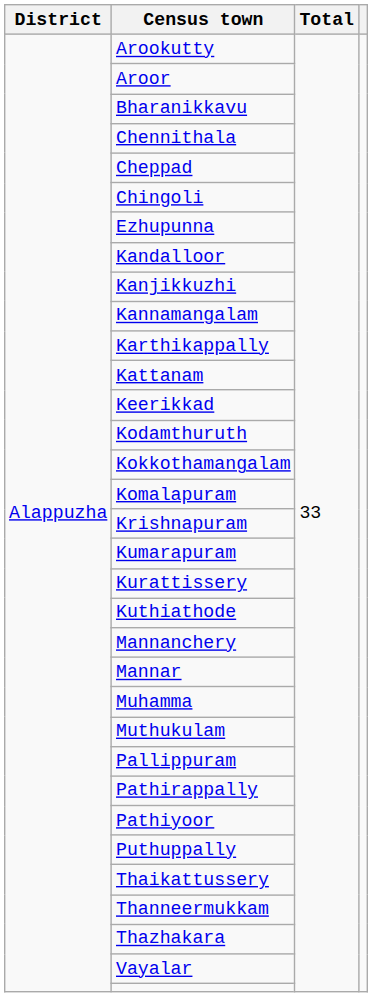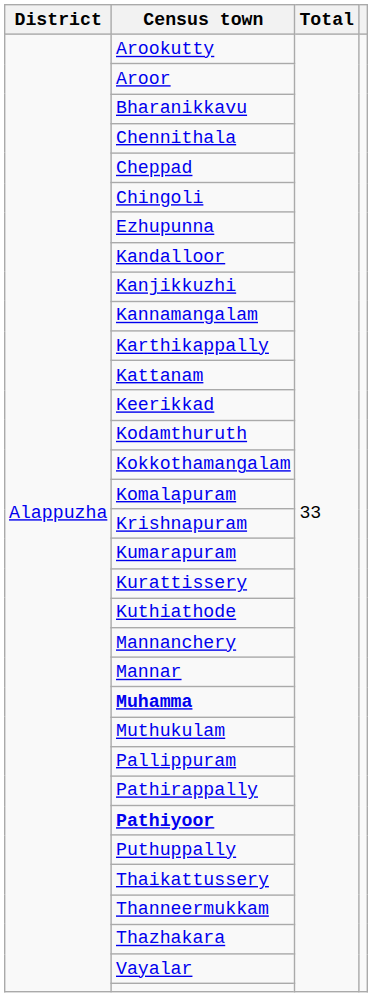 <table class="wikitable sortable">
 <tr>
 <th>District</th>
 <th>Census town</th>
 <th>Total</th>
 <th></th>
 </tr>
 <tr>
 <td rowspan="33"><a href='#'>Alappuzha</a></td>
 <td><a href='#'>Arookutty</a></td>
 <td rowspan="33">33</td>
 <td rowspan="33"></td>
 </tr>
 <tr>
 <td><a href='#'>Aroor</a></td>
 </tr>
 <tr>
 <td><a href='#'>Bharanikkavu</a></td>
 </tr>
 <tr>
 <td><a href='#'>Chennithala</a></td>
 </tr>
 <tr>
 <td><a href='#'>Cheppad</a></td>
 </tr>
 <tr>
 <td><a href='#'>Chingoli</a></td>
 </tr>
 <tr>
 <td><a href='#'>Ezhupunna</a></td>
 </tr>
 <tr>
 <td><a href='#'>Kandalloor</a></td>
 </tr>
 <tr>
 <td><a href='#'>Kanjikkuzhi</a></td>
 </tr>
 <tr>
 <td><a href='#'>Kannamangalam</a></td>
 </tr>
 <tr>
 <td><a href='#'>Karthikappally</a></td>
 </tr>
 <tr>
 <td><a href='#'>Kattanam</a></td>
 </tr>
 <tr>
 <td><a href='#'>Keerikkad</a></td>
 </tr>
 <tr>
 <td><a href='#'>Kodamthuruth</a></td>
 </tr>
 <tr>
 <td><a href='#'>Kokkothamangalam</a></td>
 </tr>
 <tr>
 <td><a href='#'>Komalapuram</a></td>
 </tr>
 <tr>
 <td><a href='#'>Krishnapuram</a></td>
 </tr>
 <tr>
 <td><a href='#'>Kumarapuram</a></td>
 </tr>
 <tr>
 <td><a href='#'>Kurattissery</a></td>
 </tr>
 <tr>
 <td><a href='#'>Kuthiathode</a></td>
 </tr>
 <tr>
 <td><a href='#'>Mannanchery</a></td>
 </tr>
 <tr>
 <td><a href='#'>Mannar</a></td>
 </tr>
 <tr>
-<td><a href='#'>Muhamma</a></td>
+<td><strong><a href='#'>Muhamma</a></strong></td>
 </tr>
 <tr>
 <td><a href='#'>Muthukulam</a></td>
 </tr>
 <tr>
 <td><a href='#'>Pallippuram</a></td>
 </tr>
 <tr>
 <td><a href='#'>Pathirappally</a></td>
 </tr>
 <tr>
-<td><a href='#'>Pathiyoor</a></td>
+<td><strong><a href='#'>Pathiyoor</a></strong></td>
 </tr>
 <tr>
 <td><a href='#'>Puthuppally</a></td>
 </tr>
 <tr>
 <td><a href='#'>Thaikattussery</a></td>
 </tr>
 <tr>
 <td><a href='#'>Thanneermukkam</a></td>
 </tr>
 <tr>
 <td><a href='#'>Thazhakara</a></td>
 </tr>
 <tr>
 <td><a href='#'>Vayalar</a></td>
 </tr>
 <tr>
 <td colspan="2"></td>
 </tr>
 </table>
